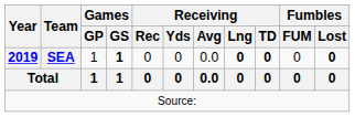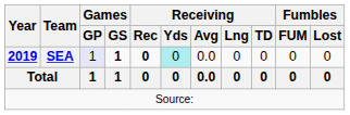 <table class="wikitable" style="text-align: center;">
 <tr>
 <th rowspan="2">Year</th>
 <th rowspan="2">Team</th>
 <th colspan="2">Games</th>
 <th colspan="5">Receiving</th>
 <th colspan="2">Fumbles</th>
 </tr>
 <tr>
 <th>GP</th>
 <th>GS</th>
 <th>Rec</th>
 <th>Yds</th>
 <th>Avg</th>
 <th>Lng</th>
 <th>TD</th>
 <th>FUM</th>
 <th>Lost</th>
 </tr>
 <tr>
 <th><a href='#'>2019</a></th>
 <th><a href='#'>SEA</a></th>
-<td>1</td>
+<td style="background: lavender;">1</td>
 <td><strong>1</strong></td>
+<td><strong>0</strong></td>
+<td style="background: paleturquoise;">0</td>
+<td>0.0</td>
 <td>0</td>
 <td>0</td>
-<td>0.0</td>
-<td><strong>0</strong></td>
-<td><strong>0</strong></td>
 <td>0</td>
-<td><strong>0</strong></td>
+<td>0</td>
 </tr>
 <tr>
 <th colspan="2">Total</th>
 <th>1</th>
 <th>1</th>
 <th>0</th>
 <th>0</th>
 <th>0.0</th>
 <th>0</th>
 <th>0</th>
 <th>0</th>
 <th>0</th>
 </tr>
 <tr>
 <td colspan="11"><small>Source: </small></td>
 </tr>
 </table>
